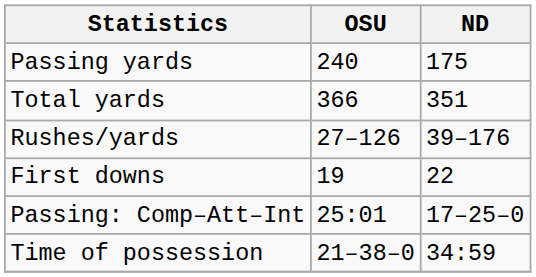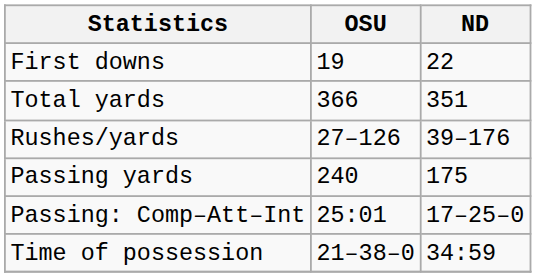 <table class="wikitable" style="float: left;">
 <tr>
 <th>Statistics</th>
 <th>OSU</th>
 <th>ND</th>
 </tr>
 <tr>
-<td>Passing yards</td>
-<td>240</td>
-<td>175</td>
+<td>First downs</td>
+<td>19</td>
+<td>22</td>
 </tr>
 <tr>
 <td>Total yards</td>
 <td>366</td>
 <td>351</td>
 </tr>
 <tr>
 <td>Rushes/yards</td>
 <td>27–126</td>
 <td>39–176</td>
 </tr>
 <tr>
-<td>First downs</td>
-<td>19</td>
-<td>22</td>
+<td>Passing yards</td>
+<td>240</td>
+<td>175</td>
 </tr>
 <tr>
 <td>Passing: Comp–Att–Int</td>
 <td>25:01</td>
 <td>17–25–0</td>
 </tr>
 <tr>
 <td>Time of possession</td>
 <td>21–38–0</td>
 <td>34:59</td>
 </tr>
 <tr>
 </tr>
 </table>
